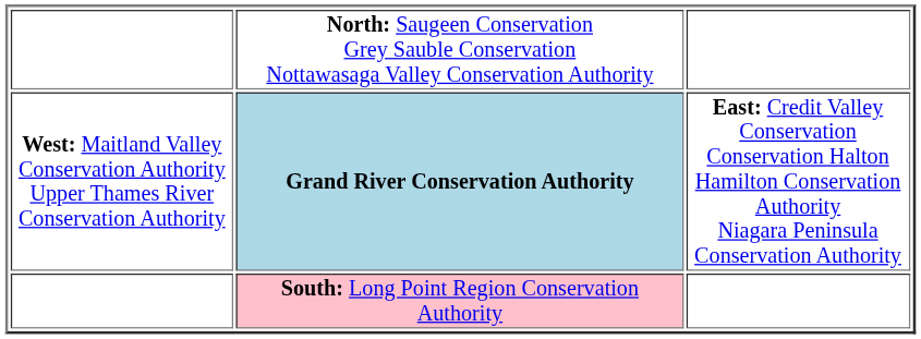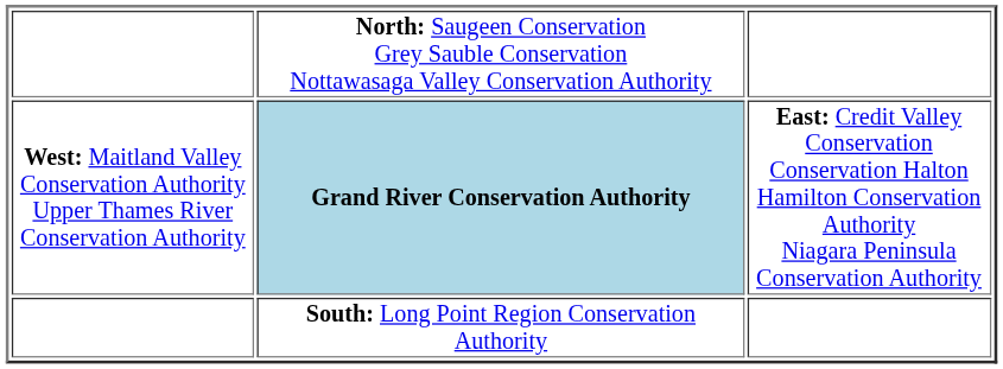 <table width="75%" border="2" align="center">
 <tr ---->
 <td width="25%" align="center"></td>
 <td width="50%" align="center"><strong>North:</strong> <a href='#'>Saugeen Conservation</a><br><a href='#'>Grey Sauble Conservation</a><br><a href='#'>Nottawasaga Valley Conservation Authority</a></td>
 <td width="25%" align="center"></td>
 </tr>
 <tr ---->
 <td align="center"><strong>West:</strong> <a href='#'>Maitland Valley Conservation Authority</a><br><a href='#'>Upper Thames River Conservation Authority</a></td>
 <td align="center" style="background: lightblue;"><strong>Grand River Conservation Authority</strong></td>
 <td align="center"><strong>East:</strong> <a href='#'>Credit Valley Conservation</a><br><a href='#'>Conservation Halton</a><br><a href='#'>Hamilton Conservation Authority</a><br><a href='#'>Niagara Peninsula Conservation Authority</a></td>
 </tr>
 <tr ---->
 <td align="center"></td>
-<td align="center" style="background: pink;"><strong>South:</strong> <a href='#'>Long Point Region Conservation Authority</a></td>
+<td align="center"><strong>South:</strong> <a href='#'>Long Point Region Conservation Authority</a></td>
 <td align="center"></td>
 </tr>
 </table>
